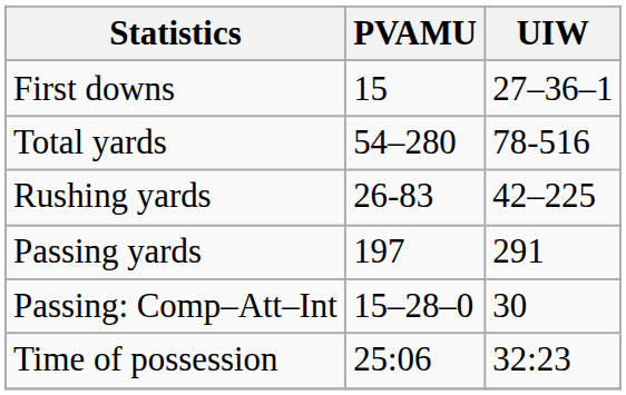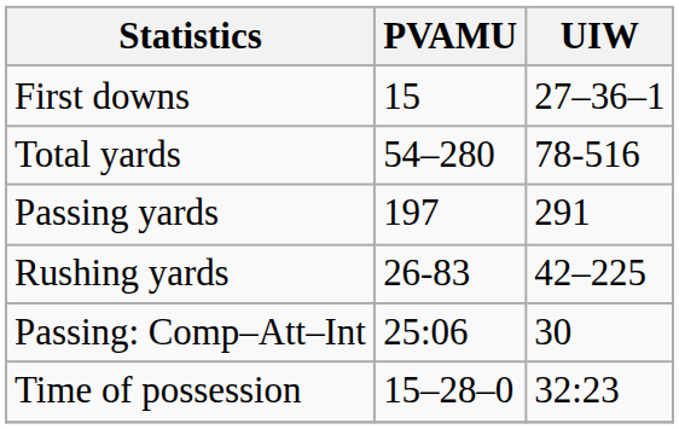 <table class="wikitable" style="float: left;">
 <tr>
 <th>Statistics</th>
 <th>PVAMU</th>
 <th>UIW</th>
 </tr>
 <tr>
 <td>First downs</td>
 <td>15</td>
 <td>27–36–1</td>
 </tr>
 <tr>
 <td>Total yards</td>
 <td>54–280</td>
 <td>78-516</td>
 </tr>
 <tr>
+<td>Passing yards</td>
+<td>197</td>
+<td>291</td>
+</tr>
+<tr>
 <td>Rushing yards</td>
 <td>26-83</td>
 <td>42–225</td>
 </tr>
 <tr>
-<td>Passing yards</td>
-<td>197</td>
-<td>291</td>
-</tr>
-<tr>
 <td>Passing: Comp–Att–Int</td>
-<td>15–28–0</td>
+<td>25:06</td>
 <td>30</td>
 </tr>
 <tr>
 <td>Time of possession</td>
-<td>25:06</td>
+<td>15–28–0</td>
 <td>32:23</td>
 </tr>
 <tr>
 </tr>
 </table>
